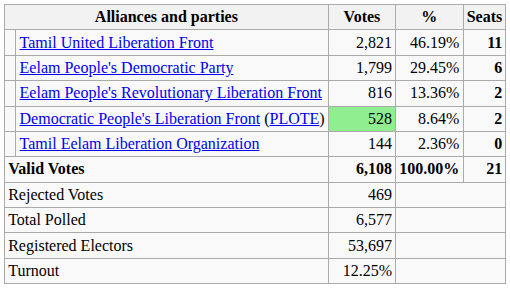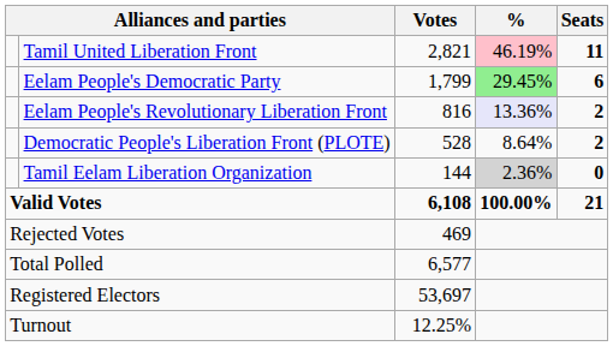 <table class="wikitable" border="1" style="text-align:right;">
 <tr>
 <th valign=bottom align=left colspan=2>Alliances and parties</th>
 <th valign=bottom align=center width="60">Votes</th>
 <th valign=bottom align=center width="50">%</th>
 <th valign=bottom align=center>Seats</th>
 </tr>
 <tr>
 <td bgcolor=> </td>
 <td align=left><a href='#'>Tamil United Liberation Front</a></td>
 <td>2,821</td>
-<td>46.19%</td>
+<td style="background: pink;">46.19%</td>
 <td><strong>11</strong></td>
 </tr>
 <tr>
 <td bgcolor=> </td>
 <td align=left><a href='#'>Eelam People's Democratic Party</a></td>
 <td>1,799</td>
-<td>29.45%</td>
+<td style="background: lightgreen;">29.45%</td>
 <td><strong>6</strong></td>
 </tr>
 <tr>
 <td bgcolor=> </td>
 <td align=left><a href='#'>Eelam People's Revolutionary Liberation Front</a></td>
 <td>816</td>
-<td>13.36%</td>
+<td style="background: lavender;">13.36%</td>
 <td><strong>2</strong></td>
 </tr>
 <tr>
 <td bgcolor=> </td>
 <td align=left><a href='#'>Democratic People's Liberation Front</a> (<a href='#'>PLOTE</a>)</td>
-<td style="background: lightgreen;">528</td>
+<td>528</td>
 <td>8.64%</td>
 <td><strong>2</strong></td>
 </tr>
 <tr>
 <td bgcolor=> </td>
 <td align=left><a href='#'>Tamil Eelam Liberation Organization</a></td>
 <td>144</td>
-<td>2.36%</td>
+<td style="background: lightgrey;">2.36%</td>
 <td><strong>0</strong></td>
 </tr>
 <tr>
 <td colspan=2 align=left><strong>Valid Votes</strong></td>
 <td><strong>6,108</strong></td>
 <td><strong>100.00%</strong></td>
 <td><strong>21</strong></td>
 </tr>
 <tr>
 <td colspan=2 align=left>Rejected Votes</td>
 <td>469</td>
 <td colspan=2></td>
 </tr>
 <tr>
 <td colspan=2 align=left>Total Polled</td>
 <td>6,577</td>
 <td colspan=2></td>
 </tr>
 <tr>
 <td colspan=2 align=left>Registered Electors</td>
 <td>53,697</td>
 <td colspan=2></td>
 </tr>
 <tr>
 <td colspan=2 align=left>Turnout</td>
 <td>12.25%</td>
 <td colspan=2></td>
 </tr>
 </table>
